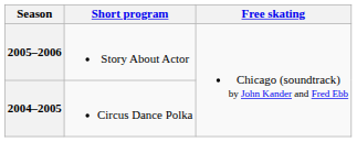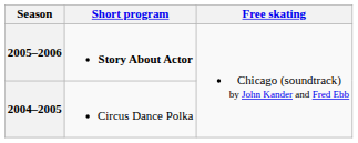 <table class="wikitable" style="text-align:center">
 <tr>
 <th>Season</th>
 <th><a href='#'>Short program</a></th>
 <th><a href='#'>Free skating</a></th>
 </tr>
 <tr>
 <th>2005–2006 <br> </th>
-<td><br><ul><li>Story About Actor</li></ul></td>
+<td><strong><br><ul><li>Story About Actor</li></ul></strong></td>
 <td rowspan=2><br><ul><li>Chicago (soundtrack) <br><small> by <a href='#'>John Kander</a> and <a href='#'>Fred Ebb</a> </small></li></ul></td>
 </tr>
 <tr>
 <th>2004–2005 <br> </th>
 <td><br><ul><li>Circus Dance Polka</li></ul></td>
 </tr>
 </table>
